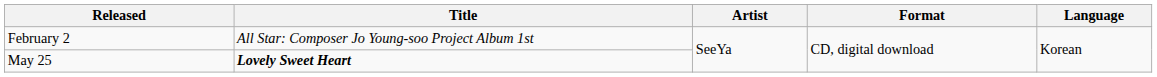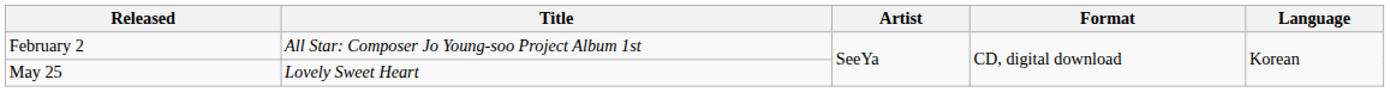 <table class="wikitable sortable" align="left center" style="width:65%;">
 <tr>
 <th style="width:20%;">Released</th>
 <th style="width:40%;">Title</th>
 <th style="width:10%;">Artist</th>
 <th style="width:20%;">Format</th>
 <th style="width:10%;">Language</th>
 </tr>
 <tr>
 <td>February 2</td>
 <td><em>All Star: Composer Jo Young-soo Project Album 1st</em></td>
 <td rowspan="2">SeeYa</td>
 <td rowspan="2">CD, digital download</td>
 <td rowspan="2">Korean</td>
 </tr>
 <tr>
 <td>May 25</td>
-<td><strong><em>Lovely Sweet Heart</em></strong></td>
+<td><em>Lovely Sweet Heart</em></td>
 </tr>
 </table>
